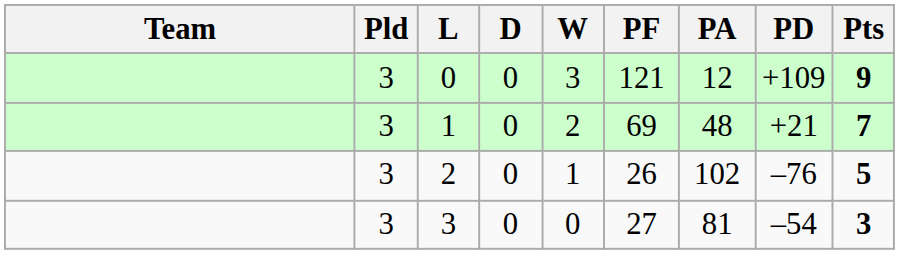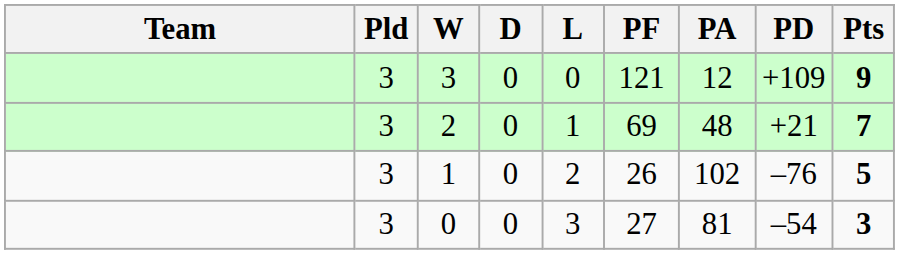 <table class="wikitable" style="text-align:center;">
 <tr>
 <th width=175>Team</th>
 <th width=25 abbr="Played">Pld</th>
+<th width=25 abbr="Won">W</th>
+<th width=25 abbr="Drawn">D</th>
 <th width=25 abbr="Lost">L</th>
-<th width=25 abbr="Drawn">D</th>
-<th width=25 abbr="Won">W</th>
 <th width=32 abbr="Points for">PF</th>
 <th width=32 abbr="Points against">PA</th>
 <th width=32 abbr="Points difference">PD</th>
 <th width=25 abbr="Points">Pts</th>
 </tr>
 <tr bgcolor=ccffcc>
 <td align=left></td>
 <td>3</td>
+<td>3</td>
 <td>0</td>
 <td>0</td>
-<td>3</td>
 <td>121</td>
 <td>12</td>
 <td>+109</td>
 <td><strong>9</strong></td>
 </tr>
 <tr bgcolor=ccffcc>
 <td align=left></td>
 <td>3</td>
+<td>2</td>
+<td>0</td>
 <td>1</td>
-<td>0</td>
-<td>2</td>
 <td>69</td>
 <td>48</td>
 <td>+21</td>
 <td><strong>7</strong></td>
 </tr>
 <tr>
 <td align=left></td>
 <td>3</td>
+<td>1</td>
+<td>0</td>
 <td>2</td>
-<td>0</td>
-<td>1</td>
 <td>26</td>
 <td>102</td>
 <td>–76</td>
 <td><strong>5</strong></td>
 </tr>
 <tr>
 <td align=left></td>
 <td>3</td>
-<td>3</td>
 <td>0</td>
 <td>0</td>
+<td>3</td>
 <td>27</td>
 <td>81</td>
 <td>–54</td>
 <td><strong>3</strong></td>
 </tr>
 </table>
